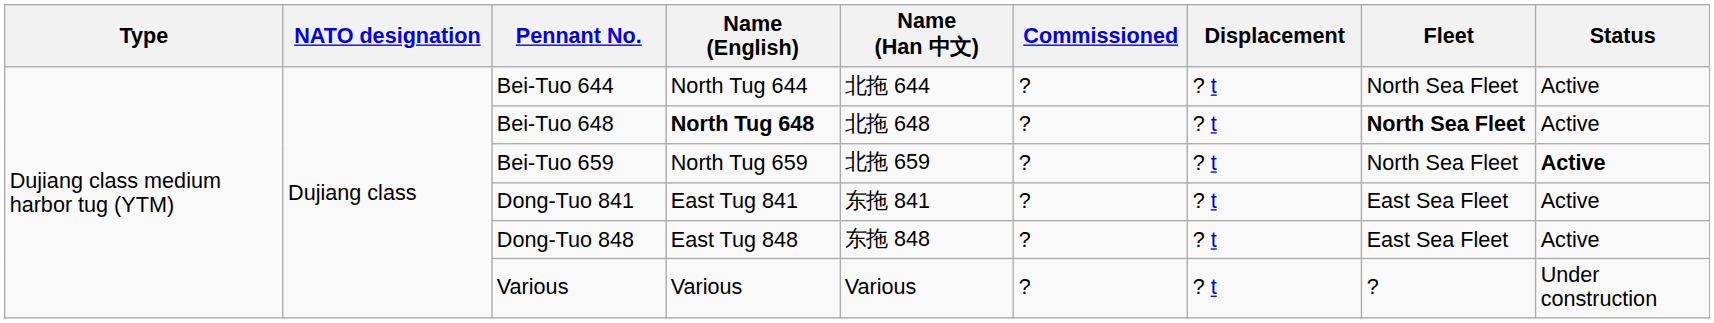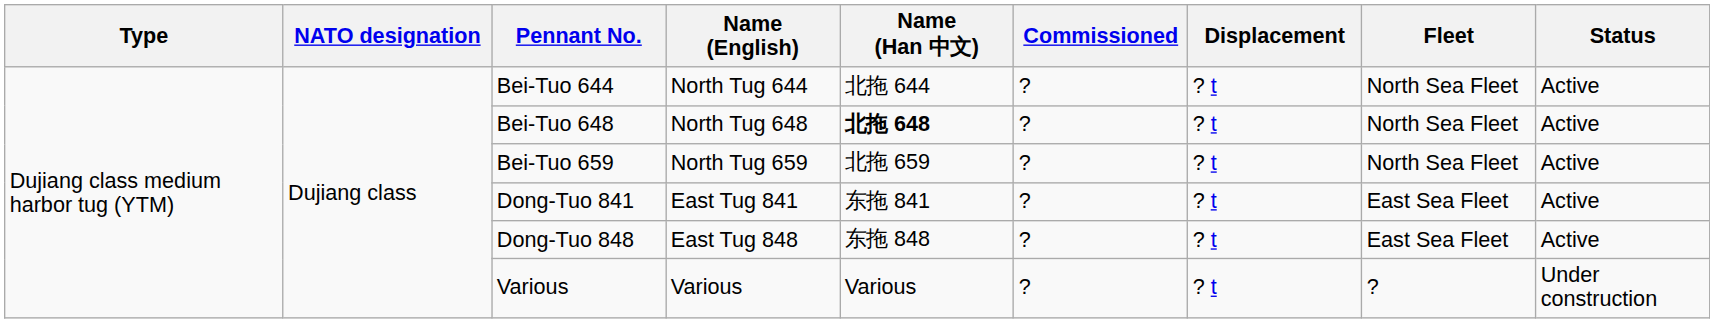 <table class="wikitable sortable"  style="margin:auto; width:100%;">
 <tr>
 <th style="text-align:center; width:16%;">Type</th>
 <th style="text-align:center; width:12%;"><a href='#'>NATO designation</a></th>
 <th style="text-align:center; width:10%;"><a href='#'>Pennant No.</a></th>
 <th style="text-align:center; width:10%;">Name<br>(English)</th>
 <th style="text-align:center; width:10%;">Name<br>(Han 中文)</th>
 <th style="text-align:center; width:10%;"><a href='#'>Commissioned</a></th>
 <th style="text-align:center; width:10%;">Displacement</th>
 <th style="text-align:center; width:10%;">Fleet</th>
 <th style="text-align:center; width:10%;">Status</th>
 </tr>
 <tr>
 <td rowspan="6">Dujiang class medium harbor tug (YTM)</td>
 <td rowspan="6">Dujiang class</td>
 <td>Bei-Tuo 644</td>
 <td>North Tug 644</td>
 <td>北拖 644</td>
 <td>?</td>
 <td>? <a href='#'>t</a></td>
 <td>North Sea Fleet</td>
 <td><span>Active</span></td>
 </tr>
 <tr>
 <td>Bei-Tuo 648</td>
-<td><strong>North Tug 648</strong></td>
-<td>北拖 648</td>
+<td>North Tug 648</td>
+<td><strong>北拖 648</strong></td>
 <td>?</td>
 <td>? <a href='#'>t</a></td>
-<td><strong>North Sea Fleet</strong></td>
+<td>North Sea Fleet</td>
 <td><span>Active</span></td>
 </tr>
 <tr>
 <td>Bei-Tuo 659</td>
 <td>North Tug 659</td>
 <td>北拖 659</td>
 <td>?</td>
 <td>? <a href='#'>t</a></td>
 <td>North Sea Fleet</td>
-<td><strong><span>Active</span></strong></td>
+<td><span>Active</span></td>
 </tr>
 <tr>
 <td>Dong-Tuo 841</td>
 <td>East Tug 841</td>
 <td>东拖 841</td>
 <td>?</td>
 <td>? <a href='#'>t</a></td>
 <td>East Sea Fleet</td>
 <td><span>Active</span></td>
 </tr>
 <tr>
 <td>Dong-Tuo 848</td>
 <td>East Tug 848</td>
 <td>东拖 848</td>
 <td>?</td>
 <td>? <a href='#'>t</a></td>
 <td>East Sea Fleet</td>
 <td><span>Active</span></td>
 </tr>
 <tr>
 <td>Various</td>
 <td>Various</td>
 <td>Various</td>
 <td>?</td>
 <td>? <a href='#'>t</a></td>
 <td>?</td>
 <td><span>Under construction</span></td>
 </tr>
 </table>
